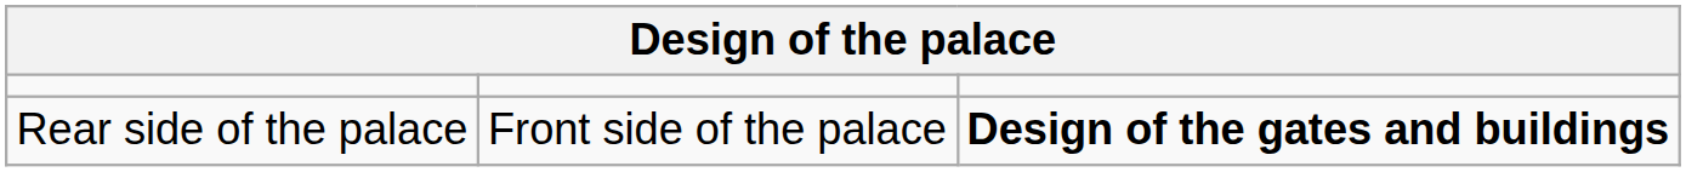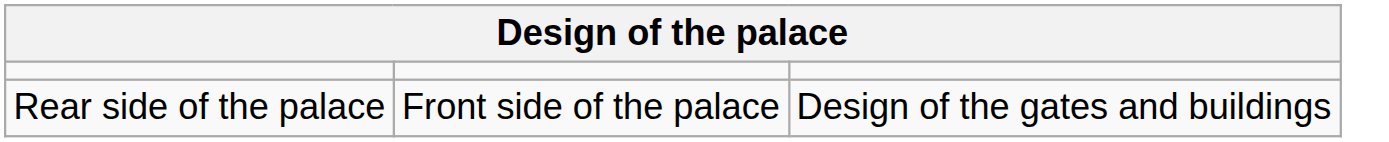 <table class="wikitable">
 <tr>
 <th colspan="3">Design of the palace</th>
 </tr>
 <tr>
 <td></td>
 <td></td>
 <td></td>
 </tr>
 <tr>
 <td>Rear side of the palace</td>
 <td>Front side of the palace</td>
-<td><strong>Design of the gates and buildings</strong></td>
+<td>Design of the gates and buildings</td>
 </tr>
 </table>
